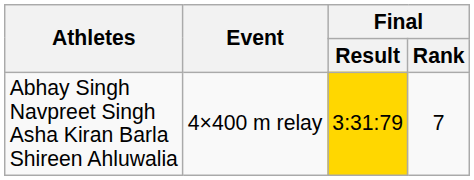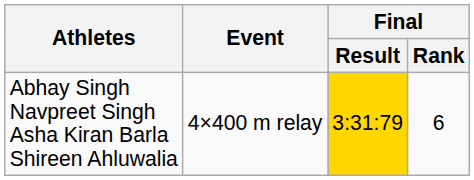 <table class=wikitable style="text-align:center; font-size:90%">
 <tr>
 <th rowspan=2>Athletes</th>
 <th rowspan=2>Event</th>
 <th colspan=2>Final</th>
 </tr>
 <tr>
 <th>Result</th>
 <th>Rank</th>
 </tr>
 <tr>
 <td align="left">Abhay Singh<br>Navpreet Singh<br>Asha Kiran Barla<br>Shireen Ahluwalia</td>
 <td align="left">4×400 m relay</td>
 <td style="background: gold;">3:31:79</td>
-<td>7</td>
+<td>6</td>
 </tr>
 </table>
